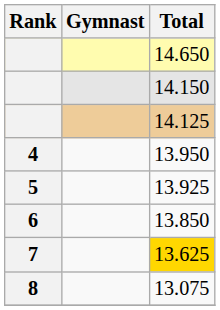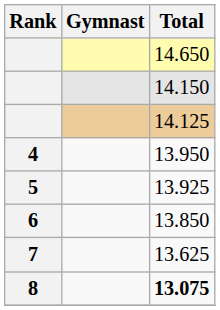 <table class="wikitable sortable" style="text-align:center; font-size:95%">
 <tr>
 <th scope=col>Rank</th>
 <th scope=col>Gymnast</th>
 <th scope=col>Total</th>
 </tr>
 <tr bgcolor=fffcaf>
 <th scope=row style="text-align:center"></th>
 <td align=left></td>
 <td>14.650</td>
 </tr>
 <tr bgcolor=e5e5e5>
 <th scope=row style="text-align:center"></th>
 <td align=left></td>
 <td>14.150</td>
 </tr>
 <tr bgcolor=eecc99>
 <th scope=row style="text-align:center"></th>
 <td align=left></td>
 <td>14.125</td>
 </tr>
 <tr>
 <th scope=row style="text-align:center">4</th>
 <td align=left></td>
 <td>13.950</td>
 </tr>
 <tr>
 <th scope=row style="text-align:center">5</th>
 <td align=left></td>
 <td>13.925</td>
 </tr>
 <tr>
 <th scope=row style="text-align:center">6</th>
 <td align=left></td>
 <td>13.850</td>
 </tr>
 <tr>
 <th scope=row style="text-align:center">7</th>
 <td align=left></td>
-<td style="background: gold;">13.625</td>
+<td>13.625</td>
 </tr>
 <tr>
 <th scope=row style="text-align:center">8</th>
 <td align=left></td>
-<td>13.075</td>
+<td><strong>13.075</strong></td>
 </tr>
 <tr>
 </tr>
 </table>
